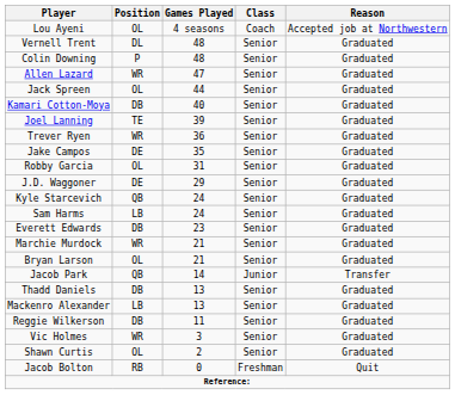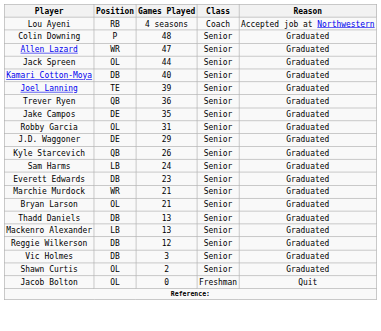 <table class="wikitable sortable" style="text-align: center">
 <tr align=center>
 <th>Player</th>
 <th>Position</th>
 <th>Games Played</th>
 <th>Class</th>
 <th>Reason</th>
 </tr>
 <tr>
 <td>Lou Ayeni</td>
-<td>OL</td>
+<td>RB</td>
 <td>4 seasons</td>
 <td>Coach</td>
 <td>Accepted job at <a href='#'>Northwestern</a></td>
-</tr>
-<tr>
-<td>Vernell Trent</td>
-<td>DL</td>
-<td>48</td>
-<td>Senior</td>
-<td>Graduated</td>
 </tr>
 <tr>
 <td>Colin Downing</td>
 <td>P</td>
 <td>48</td>
 <td>Senior</td>
 <td>Graduated</td>
 </tr>
 <tr>
 <td><a href='#'>Allen Lazard</a></td>
 <td>WR</td>
 <td>47</td>
 <td>Senior</td>
 <td>Graduated</td>
 </tr>
 <tr>
 <td>Jack Spreen</td>
 <td>OL</td>
 <td>44</td>
 <td>Senior</td>
 <td>Graduated</td>
 </tr>
 <tr>
 <td><a href='#'>Kamari Cotton-Moya</a></td>
 <td>DB</td>
 <td>40</td>
 <td>Senior</td>
 <td>Graduated</td>
 </tr>
 <tr>
 <td><a href='#'>Joel Lanning</a></td>
 <td>TE</td>
 <td>39</td>
 <td>Senior</td>
 <td>Graduated</td>
 </tr>
 <tr>
 <td>Trever Ryen</td>
-<td>WR</td>
+<td>QB</td>
 <td>36</td>
 <td>Senior</td>
 <td>Graduated</td>
 </tr>
 <tr>
 <td>Jake Campos</td>
 <td>DE</td>
 <td>35</td>
 <td>Senior</td>
 <td>Graduated</td>
 </tr>
 <tr>
 <td>Robby Garcia</td>
 <td>OL</td>
 <td>31</td>
 <td>Senior</td>
 <td>Graduated</td>
 </tr>
 <tr>
 <td>J.D. Waggoner</td>
 <td>DE</td>
 <td>29</td>
 <td>Senior</td>
 <td>Graduated</td>
 </tr>
 <tr>
 <td>Kyle Starcevich</td>
 <td>QB</td>
-<td>24</td>
+<td>26</td>
 <td>Senior</td>
 <td>Graduated</td>
 </tr>
 <tr>
 <td>Sam Harms</td>
 <td>LB</td>
 <td>24</td>
 <td>Senior</td>
 <td>Graduated</td>
 </tr>
 <tr>
 <td>Everett Edwards</td>
 <td>DB</td>
 <td>23</td>
 <td>Senior</td>
 <td>Graduated</td>
 </tr>
 <tr>
 <td>Marchie Murdock</td>
 <td>WR</td>
 <td>21</td>
 <td>Senior</td>
 <td>Graduated</td>
 </tr>
 <tr>
 <td>Bryan Larson</td>
 <td>OL</td>
 <td>21</td>
 <td>Senior</td>
 <td>Graduated</td>
 </tr>
 <tr>
-<td>Jacob Park</td>
-<td>QB</td>
-<td>14</td>
-<td>Junior</td>
-<td>Transfer</td>
-</tr>
-<tr>
 <td>Thadd Daniels</td>
 <td>DB</td>
 <td>13</td>
 <td>Senior</td>
 <td>Graduated</td>
 </tr>
 <tr>
 <td>Mackenro Alexander</td>
 <td>LB</td>
 <td>13</td>
 <td>Senior</td>
 <td>Graduated</td>
 </tr>
 <tr>
 <td>Reggie Wilkerson</td>
 <td>DB</td>
-<td>11</td>
+<td>12</td>
 <td>Senior</td>
 <td>Graduated</td>
 </tr>
 <tr>
 <td>Vic Holmes</td>
-<td>WR</td>
+<td>DB</td>
 <td>3</td>
 <td>Senior</td>
 <td>Graduated</td>
 </tr>
 <tr>
 <td>Shawn Curtis</td>
 <td>OL</td>
 <td>2</td>
 <td>Senior</td>
 <td>Graduated</td>
 </tr>
 <tr>
 <td>Jacob Bolton</td>
-<td>RB</td>
+<td>OL</td>
 <td>0</td>
 <td>Freshman</td>
 <td>Quit</td>
 </tr>
 <tr>
 <td colspan="5"  style="font-size:8pt; text-align:center;"><strong>Reference:</strong></td>
 </tr>
 </table>
